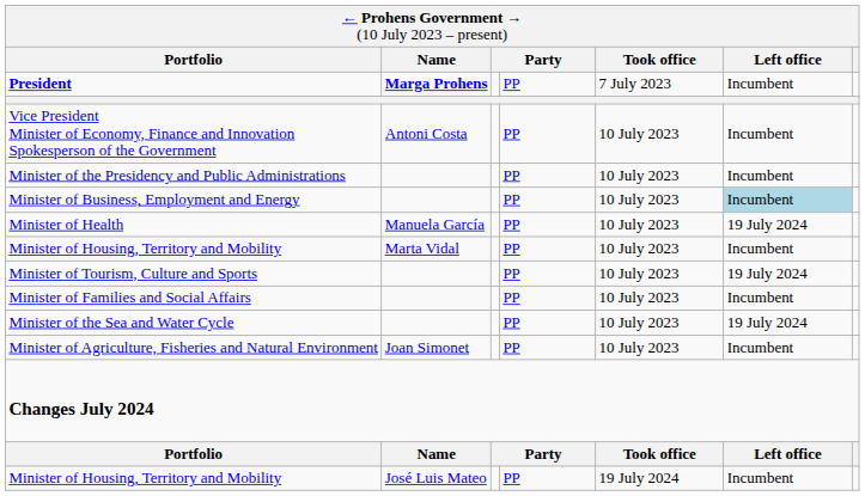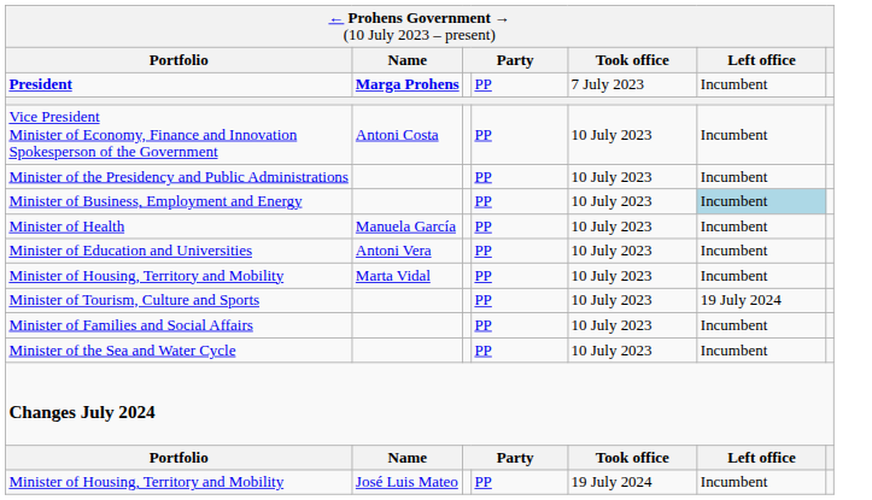 <table class="wikitable">
 <tr>
 <td colspan="7" bgcolor="#F2F2F2" align="center"><a href='#'>←</a> <strong>Prohens Government</strong> →<br>(10 July 2023 – present)</td>
 </tr>
 <tr>
 <th>Portfolio</th>
 <th>Name</th>
 <th width="100px" colspan="2">Party</th>
 <th width="125px">Took office</th>
 <th width="125px">Left office</th>
 <th></th>
 </tr>
 <tr>
 <td><strong><a href='#'>President</a></strong></td>
 <td><strong><a href='#'>Marga Prohens</a></strong></td>
 <td width="1" style="background-color:"></td>
 <td><a href='#'>PP</a></td>
 <td>7 July 2023</td>
 <td>Incumbent</td>
 <td align="center"></td>
 </tr>
 <tr>
 <th colspan="7"></th>
 </tr>
 <tr>
 <td><a href='#'>Vice President</a><br><a href='#'>Minister of Economy, Finance and Innovation</a><br><a href='#'>Spokesperson of the Government</a></td>
 <td><a href='#'>Antoni Costa</a></td>
 <td style="background-color:"></td>
 <td><a href='#'>PP</a></td>
 <td>10 July 2023</td>
 <td>Incumbent</td>
 <td align="center"></td>
 </tr>
 <tr>
 <td><a href='#'>Minister of the Presidency and Public Administrations</a></td>
 <td></td>
 <td style="background-color:"></td>
 <td><a href='#'>PP</a></td>
 <td>10 July 2023</td>
 <td>Incumbent</td>
 <td align="center"></td>
 </tr>
 <tr>
 <td><a href='#'>Minister of Business, Employment and Energy</a></td>
 <td></td>
 <td style="background-color:"></td>
 <td><a href='#'>PP</a> </td>
 <td>10 July 2023</td>
 <td style="background: lightblue;">Incumbent</td>
 <td align="center"></td>
 </tr>
 <tr>
 <td><a href='#'>Minister of Health</a></td>
 <td><a href='#'>Manuela García</a></td>
 <td style="background-color:"></td>
 <td><a href='#'>PP</a></td>
 <td>10 July 2023</td>
-<td>19 July 2024</td>
+<td>Incumbent</td>
+<td align="center"></td>
+</tr>
+<tr>
+<td><a href='#'>Minister of Education and Universities</a></td>
+<td><a href='#'>Antoni Vera</a></td>
+<td style="background-color:"></td>
+<td><a href='#'>PP</a></td>
+<td>10 July 2023</td>
+<td>Incumbent</td>
 <td align="center"></td>
 </tr>
 <tr>
 <td><a href='#'>Minister of Housing, Territory and Mobility</a></td>
 <td><a href='#'>Marta Vidal</a></td>
 <td style="background-color:"></td>
 <td><a href='#'>PP</a></td>
 <td>10 July 2023</td>
 <td>Incumbent</td>
 <td align="center"></td>
 </tr>
 <tr>
 <td><a href='#'>Minister of Tourism, Culture and Sports</a></td>
 <td></td>
 <td style="background-color:"></td>
 <td><a href='#'>PP</a></td>
 <td>10 July 2023</td>
 <td>19 July 2024</td>
 <td align="center"></td>
 </tr>
 <tr>
 <td><a href='#'>Minister of Families and Social Affairs</a></td>
 <td></td>
 <td style="background-color:"></td>
 <td><a href='#'>PP</a></td>
 <td>10 July 2023</td>
 <td>Incumbent</td>
 <td align="center"></td>
 </tr>
 <tr>
 <td><a href='#'>Minister of the Sea and Water Cycle</a></td>
 <td></td>
 <td style="background-color:"></td>
 <td><a href='#'>PP</a></td>
 <td>10 July 2023</td>
-<td>19 July 2024</td>
-<td align="center"></td>
-</tr>
-<tr>
-<td><a href='#'>Minister of Agriculture, Fisheries and Natural Environment</a></td>
-<td><a href='#'>Joan Simonet</a></td>
-<td style="background-color:"></td>
-<td><a href='#'>PP</a></td>
-<td>10 July 2023</td>
 <td>Incumbent</td>
 <td align="center"></td>
 </tr>
 <tr>
 <td colspan="7"><br><h3>Changes July 2024</h3></td>
 </tr>
 <tr>
 <th>Portfolio</th>
 <th>Name</th>
 <th colspan="2">Party</th>
 <th>Took office</th>
 <th>Left office</th>
 <th></th>
 </tr>
 <tr>
 <td><a href='#'>Minister of Housing, Territory and Mobility</a></td>
 <td><a href='#'>José Luis Mateo</a></td>
 <td style="background-color:"></td>
 <td><a href='#'>PP</a></td>
 <td>19 July 2024</td>
 <td>Incumbent</td>
 <td align="center"></td>
 </tr>
 </table>
